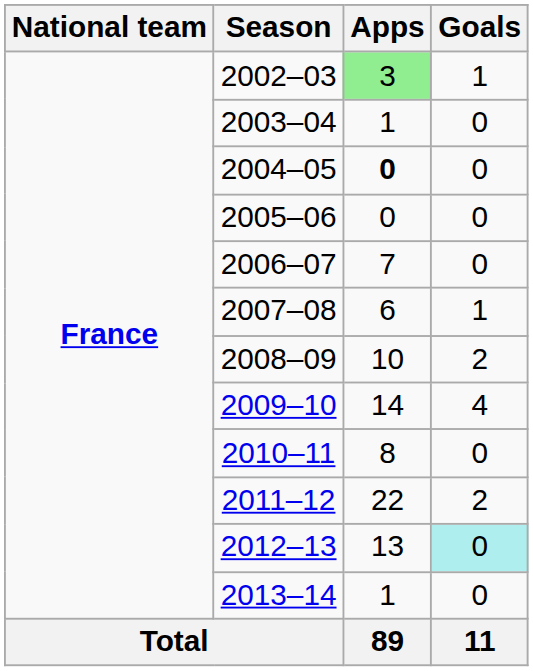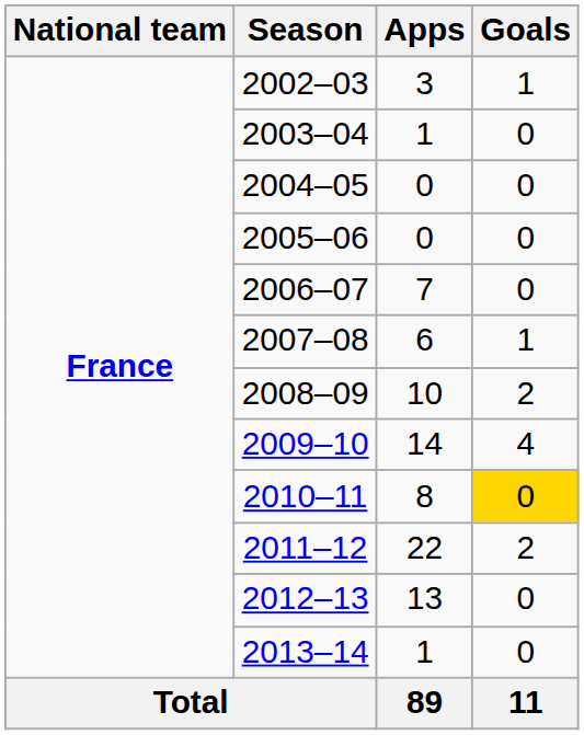 <table class="wikitable" style="text-align:center">
 <tr>
 <th>National team</th>
 <th>Season</th>
 <th>Apps</th>
 <th>Goals</th>
 </tr>
 <tr>
 <td rowspan="12" valign="center"><strong><a href='#'>France</a></strong></td>
 <td>2002–03</td>
-<td style="background: lightgreen;">3</td>
+<td>3</td>
 <td>1</td>
 </tr>
 <tr>
 <td>2003–04</td>
 <td>1</td>
 <td>0</td>
 </tr>
 <tr>
 <td>2004–05</td>
-<td><strong>0</strong></td>
+<td>0</td>
 <td>0</td>
 </tr>
 <tr>
 <td>2005–06</td>
 <td>0</td>
 <td>0</td>
 </tr>
 <tr>
 <td>2006–07</td>
 <td>7</td>
 <td>0</td>
 </tr>
 <tr>
 <td>2007–08</td>
 <td>6</td>
 <td>1</td>
 </tr>
 <tr>
 <td>2008–09</td>
 <td>10</td>
 <td>2</td>
 </tr>
 <tr>
 <td><a href='#'>2009–10</a></td>
 <td>14</td>
 <td>4</td>
 </tr>
 <tr>
 <td><a href='#'>2010–11</a></td>
 <td>8</td>
-<td>0</td>
+<td style="background: gold;">0</td>
 </tr>
 <tr>
 <td><a href='#'>2011–12</a></td>
 <td>22</td>
 <td>2</td>
 </tr>
 <tr>
 <td><a href='#'>2012–13</a></td>
 <td>13</td>
-<td style="background: paleturquoise;">0</td>
+<td>0</td>
 </tr>
 <tr>
 <td><a href='#'>2013–14</a></td>
 <td>1</td>
 <td>0</td>
 </tr>
 <tr>
 <th colspan=2>Total</th>
 <th>89</th>
 <th>11</th>
 </tr>
 </table>
